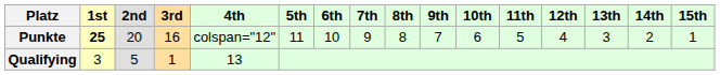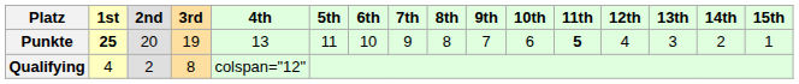 <table class="wikitable" style="font-size:85%; text-align:center; background:#DFFFDF">
 <tr>
 <th>Platz</th>
 <td style="background:#FFFFBF"> <strong>1st</strong> </td>
 <td style="background:#DFDFDF"> <strong>2nd</strong> </td>
 <td style="background:#FFDF9F"> <strong>3rd</strong> </td>
 <td> <strong>4th</strong> </td>
 <td> <strong>5th</strong> </td>
 <td> <strong>6th</strong> </td>
 <td> <strong>7th</strong> </td>
 <td> <strong>8th</strong> </td>
 <td> <strong>9th</strong> </td>
 <td> <strong>10th</strong> </td>
 <td> <strong>11th</strong> </td>
 <td> <strong>12th</strong> </td>
 <td> <strong>13th</strong> </td>
 <td> <strong>14th</strong> </td>
 <td> <strong>15th</strong> </td>
 </tr>
 <tr>
 <th>Punkte</th>
 <td style="background:#FFFFBF"><strong>25</strong></td>
 <td style="background:#DFDFDF">20</td>
-<td style="background:#FFDF9F">16</td>
-<td>colspan="12" </td>
+<td style="background:#FFDF9F">19</td>
+<td>13</td>
 <td>11</td>
 <td>10</td>
 <td>9</td>
 <td>8</td>
 <td>7</td>
 <td>6</td>
-<td>5</td>
+<td><strong>5</strong></td>
 <td>4</td>
 <td>3</td>
 <td>2</td>
 <td>1</td>
 </tr>
 <tr>
 <th>Qualifying</th>
-<td style="background:#FFFFBF">3</td>
-<td style="background:#DFDFDF">5</td>
-<td style="background:#FFDF9F">1</td>
-<td>13</td>
+<td style="background:#FFFFBF">4</td>
+<td style="background:#DFDFDF">2</td>
+<td style="background:#FFDF9F">8</td>
+<td>colspan="12" </td>
 </tr>
 </table>
